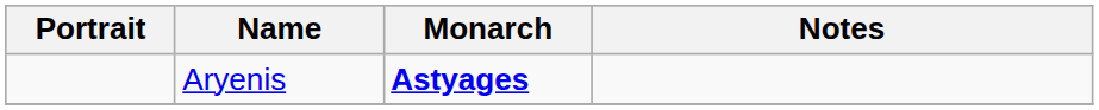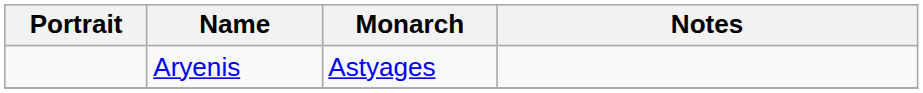 <table class="wikitable">
 <tr>
 <th width="80pt">Portrait</th>
 <th width="100pt">Name</th>
 <th width="100pt">Monarch</th>
 <th width="250pt">Notes</th>
 </tr>
 <tr>
 <td></td>
 <td><a href='#'>Aryenis</a></td>
-<td><strong><a href='#'>Astyages</a></strong></td>
+<td><a href='#'>Astyages</a></td>
 <td></td>
 </tr>
 <tr>
 </tr>
 </table>
